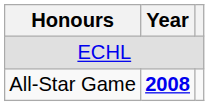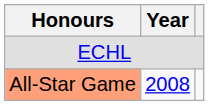 <table class="wikitable">
 <tr>
 <th>Honours</th>
 <th>Year</th>
 <th></th>
 </tr>
 <tr ALIGN="center" bgcolor="#e0e0e0">
 <td colspan="3"><a href='#'>ECHL</a></td>
 </tr>
 <tr>
-<td>All-Star Game</td>
-<td><strong><a href='#'>2008</a></strong></td>
+<td style="background: lightsalmon;">All-Star Game</td>
+<td><a href='#'>2008</a></td>
 <td></td>
 </tr>
 </table>
